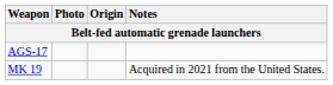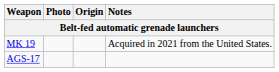 <table class="wikitable">
 <tr>
 <th style="text-align: left;">Weapon</th>
 <th style="text-align: left;">Photo</th>
 <th style="text-align: left;">Origin</th>
 <th style="text-align: left;">Notes</th>
 </tr>
 <tr>
 <th colspan="4">Belt-fed automatic grenade launchers</th>
 </tr>
 <tr>
+<td><a href='#'>MK 19</a></td>
+<td></td>
+<td></td>
+<td>Acquired in 2021 from the United States.</td>
+</tr>
+<tr>
 <td><a href='#'>AGS-17</a></td>
 <td></td>
 <td></td>
 <td></td>
 </tr>
-<tr>
-<td><a href='#'>MK 19</a></td>
-<td></td>
-<td></td>
-<td>Acquired in 2021 from the United States.</td>
-</tr>
 </table>
